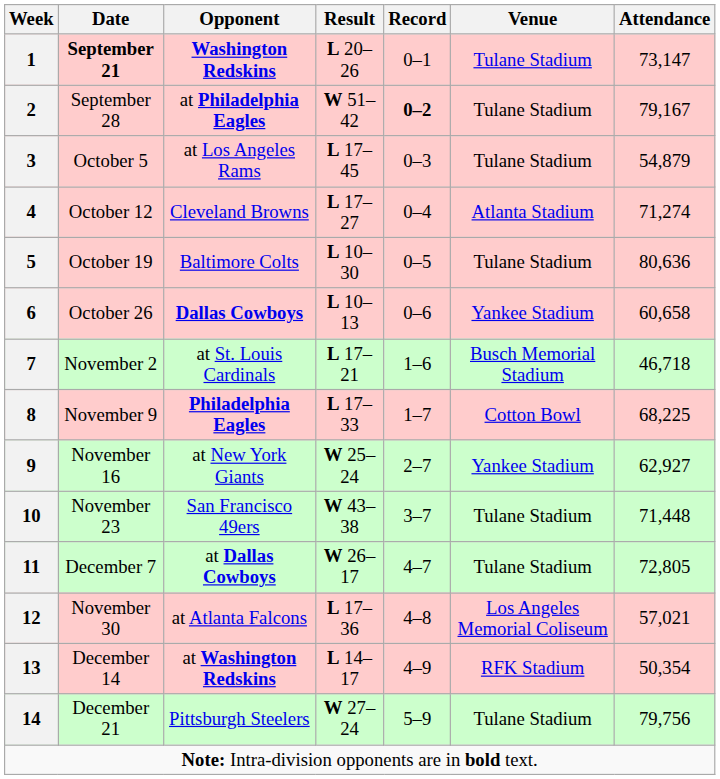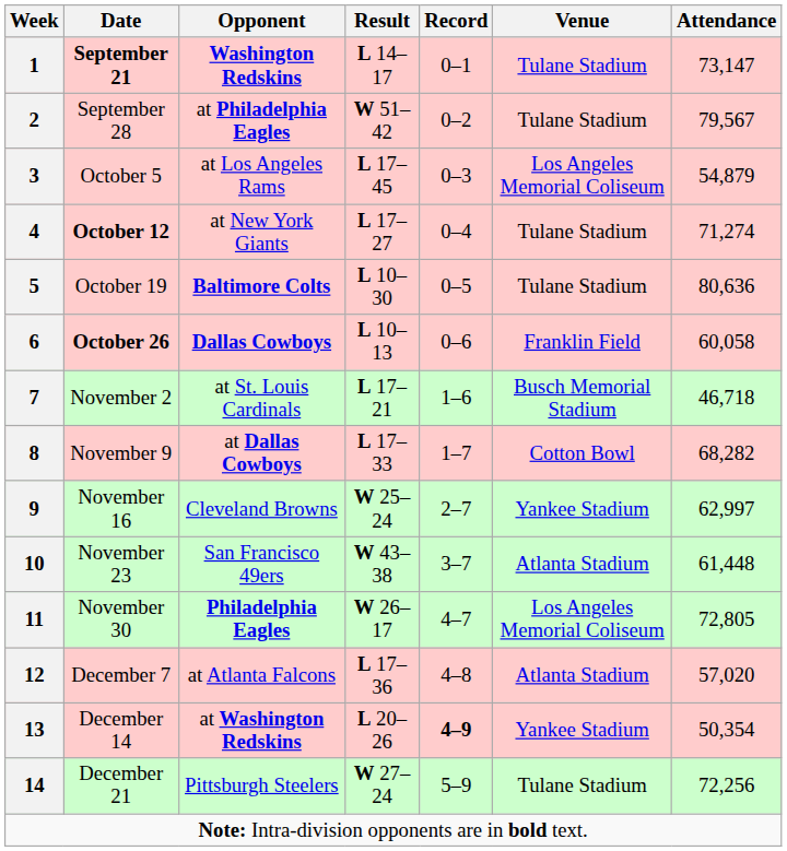 <table class="wikitable" style="text-align:center">
 <tr>
 <th>Week</th>
 <th>Date</th>
 <th>Opponent</th>
 <th>Result</th>
 <th>Record</th>
 <th>Venue</th>
 <th>Attendance</th>
 </tr>
 <tr style="background:#fcc">
 <th>1</th>
 <td><strong>September 21</strong></td>
 <td><strong><a href='#'>Washington Redskins</a></strong></td>
-<td><strong>L</strong> 20–26</td>
+<td><strong>L</strong> 14–17</td>
 <td>0–1</td>
 <td><a href='#'>Tulane Stadium</a></td>
 <td>73,147</td>
 </tr>
 <tr style="background:#fcc">
 <th>2</th>
 <td>September 28</td>
 <td>at <strong><a href='#'>Philadelphia Eagles</a></strong></td>
 <td><strong>W</strong> 51–42</td>
-<td><strong>0–2</strong></td>
+<td>0–2</td>
 <td>Tulane Stadium</td>
-<td>79,167</td>
+<td>79,567</td>
 </tr>
 <tr style="background:#fcc">
 <th>3</th>
 <td>October 5</td>
 <td>at <a href='#'>Los Angeles Rams</a></td>
 <td><strong>L</strong> 17–45</td>
 <td>0–3</td>
-<td>Tulane Stadium</td>
+<td><a href='#'>Los Angeles Memorial Coliseum</a></td>
 <td>54,879</td>
 </tr>
 <tr style="background:#fcc">
 <th>4</th>
-<td>October 12</td>
-<td><a href='#'>Cleveland Browns</a></td>
+<td><strong>October 12</strong></td>
+<td>at <a href='#'>New York Giants</a></td>
 <td><strong>L</strong> 17–27</td>
 <td>0–4</td>
-<td><a href='#'>Atlanta Stadium</a></td>
+<td>Tulane Stadium</td>
 <td>71,274</td>
 </tr>
 <tr style="background:#fcc">
 <th>5</th>
 <td>October 19</td>
-<td><a href='#'>Baltimore Colts</a></td>
+<td><strong><a href='#'>Baltimore Colts</a></strong></td>
 <td><strong>L</strong> 10–30</td>
 <td>0–5</td>
 <td>Tulane Stadium</td>
 <td>80,636</td>
 </tr>
 <tr style="background:#fcc">
 <th>6</th>
-<td>October 26</td>
+<td><strong>October 26</strong></td>
 <td><strong><a href='#'>Dallas Cowboys</a></strong></td>
 <td><strong>L</strong> 10–13</td>
 <td>0–6</td>
-<td><a href='#'>Yankee Stadium</a></td>
-<td>60,658</td>
+<td><a href='#'>Franklin Field</a></td>
+<td>60,058</td>
 </tr>
 <tr style="background:#cfc">
 <th>7</th>
 <td>November 2</td>
 <td>at <a href='#'>St. Louis Cardinals</a></td>
 <td><strong>L</strong> 17–21</td>
 <td>1–6</td>
 <td><a href='#'>Busch Memorial Stadium</a></td>
 <td>46,718</td>
 </tr>
 <tr style="background:#fcc">
 <th>8</th>
 <td>November 9</td>
-<td><strong><a href='#'>Philadelphia Eagles</a></strong></td>
+<td>at <strong><a href='#'>Dallas Cowboys</a></strong></td>
 <td><strong>L</strong> 17–33</td>
 <td>1–7</td>
 <td><a href='#'>Cotton Bowl</a></td>
-<td>68,225</td>
+<td>68,282</td>
 </tr>
 <tr style="background:#cfc">
 <th>9</th>
 <td>November 16</td>
-<td>at <a href='#'>New York Giants</a></td>
+<td><a href='#'>Cleveland Browns</a></td>
 <td><strong>W</strong> 25–24</td>
 <td>2–7</td>
 <td><a href='#'>Yankee Stadium</a></td>
-<td>62,927</td>
+<td>62,997</td>
 </tr>
 <tr style="background:#cfc">
 <th>10</th>
 <td>November 23</td>
 <td><a href='#'>San Francisco 49ers</a></td>
 <td><strong>W</strong> 43–38</td>
 <td>3–7</td>
-<td>Tulane Stadium</td>
-<td>71,448</td>
+<td><a href='#'>Atlanta Stadium</a></td>
+<td>61,448</td>
 </tr>
 <tr style="background:#cfc">
 <th>11</th>
-<td>December 7</td>
-<td>at <strong><a href='#'>Dallas Cowboys</a></strong></td>
+<td>November 30</td>
+<td><strong><a href='#'>Philadelphia Eagles</a></strong></td>
 <td><strong>W</strong> 26–17</td>
 <td>4–7</td>
-<td>Tulane Stadium</td>
+<td><a href='#'>Los Angeles Memorial Coliseum</a></td>
 <td>72,805</td>
 </tr>
 <tr style="background:#fcc">
 <th>12</th>
-<td>November 30</td>
+<td>December 7</td>
 <td>at <a href='#'>Atlanta Falcons</a></td>
 <td><strong>L</strong> 17–36</td>
 <td>4–8</td>
-<td><a href='#'>Los Angeles Memorial Coliseum</a></td>
-<td>57,021</td>
+<td><a href='#'>Atlanta Stadium</a></td>
+<td>57,020</td>
 </tr>
 <tr style="background:#fcc">
 <th>13</th>
 <td>December 14</td>
 <td>at <strong><a href='#'>Washington Redskins</a></strong></td>
-<td><strong>L</strong> 14–17</td>
-<td>4–9</td>
-<td><a href='#'>RFK Stadium</a></td>
+<td><strong>L</strong> 20–26</td>
+<td><strong>4–9</strong></td>
+<td><a href='#'>Yankee Stadium</a></td>
 <td>50,354</td>
 </tr>
 <tr style="background:#cfc">
 <th>14</th>
 <td>December 21</td>
 <td><a href='#'>Pittsburgh Steelers</a></td>
 <td><strong>W</strong> 27–24</td>
 <td>5–9</td>
 <td>Tulane Stadium</td>
-<td>79,756</td>
+<td>72,256</td>
 </tr>
 <tr>
 <td colspan="7"><strong>Note:</strong> Intra-division opponents are in <strong>bold</strong> text.</td>
 </tr>
 </table>
